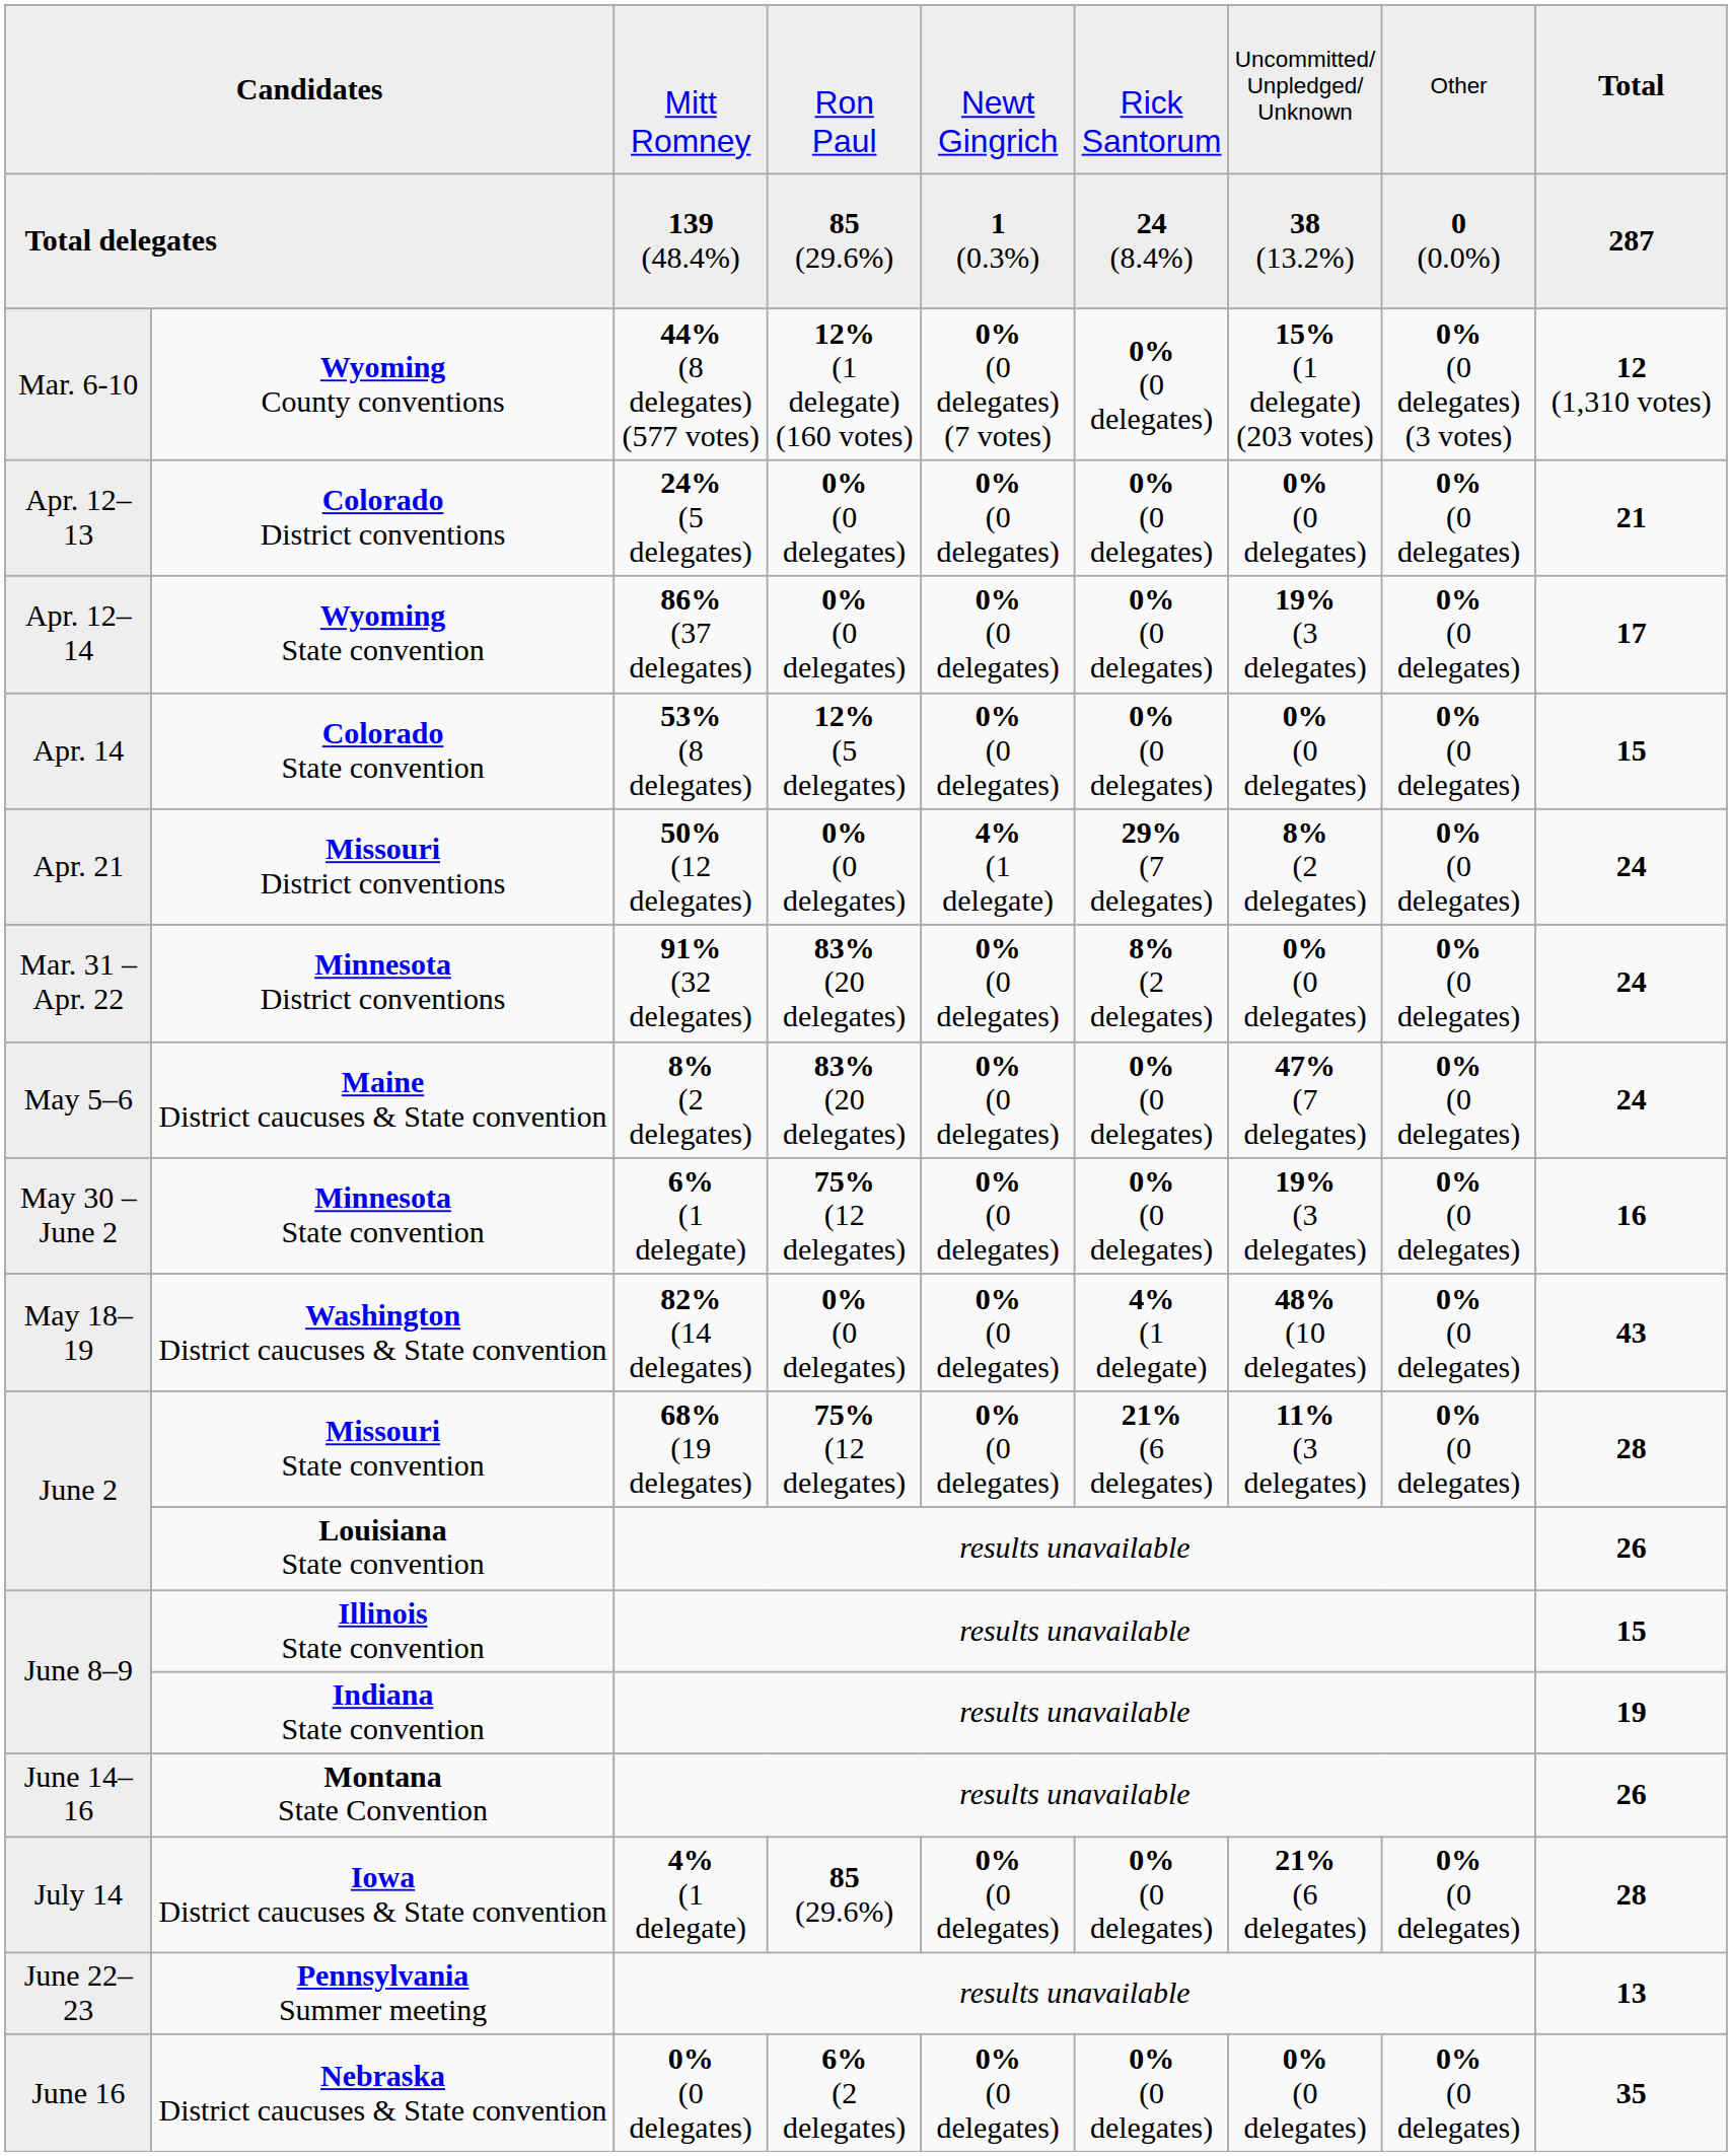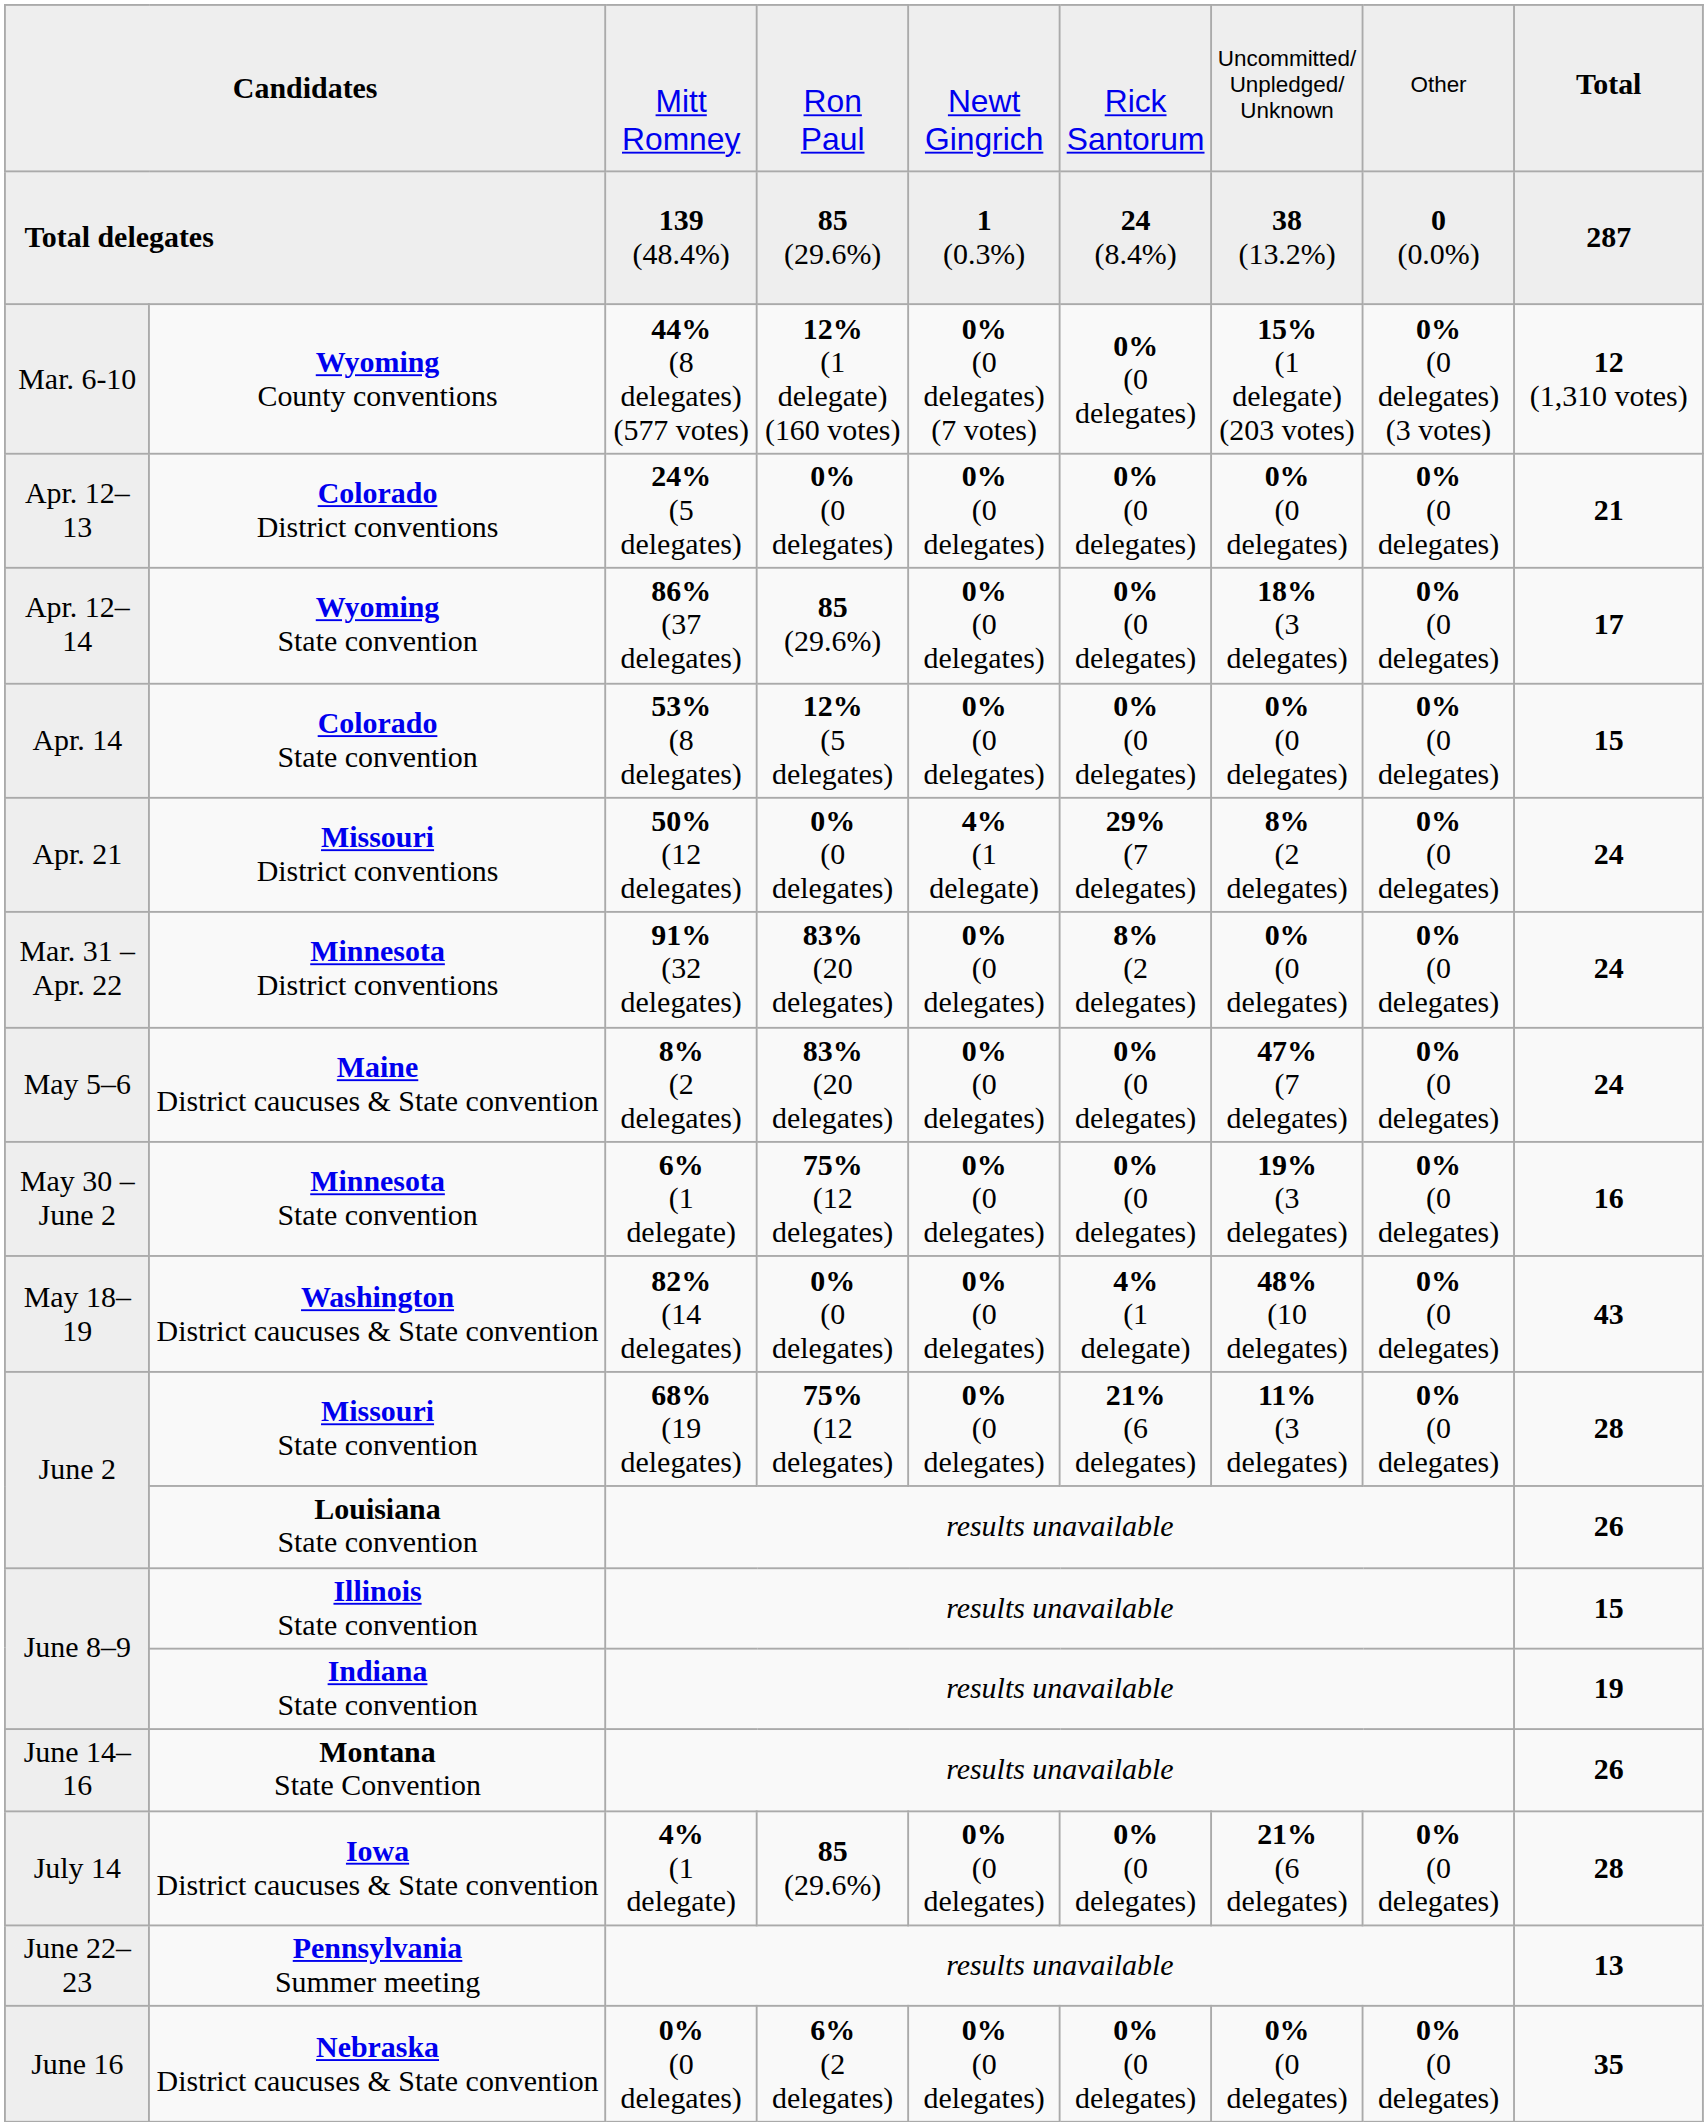 <table class="wikitable" style="text-align:center;">
 <tr style="background:#eee;">
 <td style="width:208px;" colspan="2"><strong>Candidates</strong></td>
 <td style="width:80px; padding:2px 0 6px; font:17px georgia,arial;"><br><br><a href='#'>Mitt<br>Romney</a></td>
 <td style="width:80px; padding:2px 0 6px; font:17px georgia,arial;"><br><br><a href='#'>Ron<br>Paul</a></td>
 <td style="width:80px; padding:2px 0 6px; font:17px georgia,arial;"><br><br><a href='#'>Newt<br>Gingrich</a></td>
 <td style="width:80px; padding:2px 0 6px; font:17px georgia,arial;"><br><br><a href='#'>Rick<br>Santorum</a></td>
 <td style="width:80px; padding:2px 0 6px; font:12px georgia,arial;">Uncommitted/<br>Unpledged/<br>Unknown</td>
 <td style="width:80px; padding:2px 0 6px; font:12px georgia,arial;">Other</td>
 <td style="width:100px; padding:2px 0 6px;"><strong>Total</strong></td>
 </tr>
 <tr style="background:#eee;">
 <td colspan="2"  style="text-align:left; height:64px; padding-left:10px;"><strong>Total delegates</strong></td>
 <td> <strong>139</strong><br>(48.4%)</td>
 <td> <strong>85</strong><br>(29.6%)</td>
 <td> <strong>1</strong><br>(0.3%)</td>
 <td> <strong>24</strong><br>(8.4%)</td>
 <td> <strong>38</strong><br>(13.2%)</td>
 <td> <strong>0</strong><br>(0.0%)</td>
 <td> <strong>287</strong></td>
 </tr>
 <tr>
 <td style="width:70px; background:#eee;">Mar. 6-10 </td>
 <td><strong><a href='#'>Wyoming</a></strong><br>County conventions</td>
 <td><strong>44%</strong><br>(8 delegates)<br>(577 votes)</td>
 <td><strong>12%</strong><br>(1 delegate)<br>(160 votes)</td>
 <td> <strong>0%</strong><br>(0 delegates)<br>(7 votes)</td>
 <td><strong>0%</strong><br>(0 delegates)</td>
 <td><strong>15%</strong><br>(1 delegate)<br>(203 votes)</td>
 <td><strong>0%</strong><br>(0 delegates)<br>(3 votes)</td>
 <td><strong>12</strong><br>(1,310 votes)</td>
 </tr>
 <tr>
 <td style="background:#eee;">Apr. 12–13</td>
 <td><strong><a href='#'>Colorado</a></strong><br>District conventions</td>
 <td><strong>24%</strong><br>(5 delegates)</td>
 <td> <strong>0%</strong><br>(0 delegates)</td>
 <td> <strong>0%</strong><br>(0 delegates)</td>
 <td><strong>0%</strong><br>(0 delegates)</td>
 <td><strong>0%</strong><br>(0 delegates)</td>
 <td><strong>0%</strong><br>(0 delegates)</td>
 <td><strong>21</strong><br></td>
 </tr>
 <tr>
 <td style="background:#eee;">Apr. 12–14</td>
 <td><strong><a href='#'>Wyoming</a></strong><br>State convention</td>
 <td><strong>86%</strong><br>(37 delegates)</td>
-<td> <strong>0%</strong><br>(0 delegates)</td>
+<td> <strong>85</strong><br>(29.6%)</td>
 <td> <strong>0%</strong><br>(0 delegates)</td>
 <td><strong>0%</strong><br>(0 delegates)</td>
-<td><strong>19%</strong><br>(3 delegates)</td>
+<td><strong>18%</strong><br>(3 delegates)</td>
 <td><strong>0%</strong><br>(0 delegates)</td>
 <td><strong>17</strong><br></td>
 </tr>
 <tr>
 <td style="background:#eee;">Apr. 14</td>
 <td><strong><a href='#'>Colorado</a></strong><br>State convention</td>
 <td><strong>53%</strong><br>(8 delegates)</td>
 <td><strong>12%</strong><br>(5 delegates)</td>
 <td> <strong>0%</strong><br>(0 delegates)</td>
 <td><strong>0%</strong><br>(0 delegates)</td>
 <td><strong>0%</strong><br>(0 delegates)</td>
 <td><strong>0%</strong><br>(0 delegates)</td>
 <td><strong>15</strong><br></td>
 </tr>
 <tr>
 <td style="background:#eee;">Apr. 21</td>
 <td><strong><a href='#'>Missouri</a></strong><br>District conventions</td>
 <td><strong>50%</strong><br>(12 delegates)</td>
 <td> <strong>0%</strong><br>(0 delegates)</td>
 <td> <strong>4%</strong><br>(1 delegate)</td>
 <td><strong>29%</strong><br>(7 delegates)</td>
 <td><strong>8%</strong><br>(2 delegates)</td>
 <td><strong>0%</strong><br>(0 delegates)</td>
 <td><strong>24</strong><br></td>
 </tr>
 <tr>
 <td style="background:#eee;">Mar. 31 –<br>Apr. 22</td>
 <td><strong><a href='#'>Minnesota</a></strong><br>District conventions</td>
 <td><strong>91%</strong><br>(32 delegates)</td>
 <td><strong>83%</strong><br>(20 delegates)</td>
 <td> <strong>0%</strong><br>(0 delegates)</td>
 <td><strong>8%</strong><br>(2 delegates)</td>
 <td><strong>0%</strong><br>(0 delegates)</td>
 <td><strong>0%</strong><br>(0 delegates)</td>
 <td><strong>24</strong><br></td>
 </tr>
 <tr>
 <td style="background:#eee;">May 5–6</td>
 <td><strong><a href='#'>Maine</a></strong><br>District caucuses & State convention</td>
 <td><strong>8%</strong><br>(2 delegates)</td>
 <td><strong>83%</strong><br>(20 delegates)</td>
 <td><strong>0%</strong><br>(0 delegates)</td>
 <td><strong>0%</strong><br>(0 delegates)</td>
 <td><strong>47%</strong><br>(7 delegates)</td>
 <td><strong>0%</strong><br>(0 delegates)</td>
 <td><strong>24</strong><br></td>
 </tr>
 <tr>
 <td style="background:#eee;">May 30 –<br> June 2</td>
 <td><strong><a href='#'>Minnesota</a></strong><br>State convention</td>
 <td><strong>6%</strong><br>(1 delegate)</td>
 <td><strong>75%</strong><br>(12 delegates)</td>
 <td><strong>0%</strong><br>(0 delegates)</td>
 <td><strong>0%</strong><br>(0 delegates)</td>
 <td><strong>19%</strong><br>(3 delegates)</td>
 <td><strong>0%</strong><br>(0 delegates)</td>
 <td><strong>16</strong><br></td>
 </tr>
 <tr>
 <td style="background:#eee;">May 18–19</td>
 <td><strong><a href='#'>Washington</a></strong><br>District caucuses & State convention</td>
 <td><strong>82%</strong><br>(14 delegates)</td>
 <td> <strong>0%</strong><br>(0 delegates)</td>
 <td><strong>0%</strong><br>(0 delegates)</td>
 <td><strong>4%</strong><br>(1 delegate)</td>
 <td><strong>48%</strong><br>(10 delegates)</td>
 <td><strong>0%</strong><br>(0 delegates)</td>
 <td><strong>43</strong><br></td>
 </tr>
 <tr>
 <td rowspan="2" style="background:#eee;">June 2</td>
 <td><strong><a href='#'>Missouri</a></strong><br>State convention</td>
 <td><strong>68%</strong><br>(19 delegates)</td>
 <td><strong>75%</strong><br>(12 delegates)</td>
 <td><strong>0%</strong><br>(0 delegates)</td>
 <td><strong>21%</strong><br>(6 delegates)</td>
 <td><strong>11%</strong><br>(3 delegates)</td>
 <td><strong>0%</strong><br>(0 delegates)</td>
 <td><strong>28</strong><br></td>
 </tr>
 <tr>
 <td><strong>Louisiana</strong><br>State convention</td>
 <td colspan="6"><em>results unavailable</em></td>
 <td><strong>26</strong><br></td>
 </tr>
 <tr>
 <td rowspan="2" style="background:#eee;">June 8–9</td>
 <td><strong><a href='#'>Illinois</a></strong><br>State convention</td>
 <td colspan="6"><em>results unavailable</em></td>
 <td><strong>15</strong><br></td>
 </tr>
 <tr>
 <td><strong><a href='#'>Indiana</a></strong><br>State convention</td>
 <td colspan="6"><em>results unavailable</em></td>
 <td><strong>19</strong><br></td>
 </tr>
 <tr>
 <td style="background:#eee;">June 14–16</td>
 <td><strong>Montana</strong><br>State Convention</td>
 <td colspan="6"><em>results unavailable</em></td>
 <td><strong>26</strong><br></td>
 </tr>
 <tr>
 <td style="background:#eee;">July 14</td>
 <td><strong><a href='#'>Iowa</a></strong><br>District caucuses & State convention</td>
 <td><strong>4%</strong><br>(1 delegate)</td>
 <td> <strong>85</strong><br>(29.6%)</td>
 <td><strong>0%</strong><br>(0 delegates)</td>
 <td><strong>0%</strong><br>(0 delegates)</td>
 <td><strong>21%</strong><br>(6 delegates)</td>
 <td><strong>0%</strong><br>(0 delegates)</td>
 <td><strong>28</strong><br></td>
 </tr>
 <tr>
 <td style="background:#eee;">June 22–23</td>
 <td><strong><a href='#'>Pennsylvania</a></strong><br>Summer meeting</td>
 <td colspan="6"><em>results unavailable</em></td>
 <td><strong>13</strong><br></td>
 </tr>
 <tr>
 <td style="background:#eee;">June 16</td>
 <td><strong><a href='#'>Nebraska</a></strong><br>District caucuses & State convention</td>
 <td> <strong>0%</strong><br>(0 delegates)</td>
 <td><strong>6%</strong><br>(2 delegates)</td>
 <td><strong>0%</strong><br>(0 delegates)</td>
 <td><strong>0%</strong><br>(0 delegates)</td>
 <td><strong>0%</strong><br>(0 delegates)</td>
 <td><strong>0%</strong><br>(0 delegates)</td>
 <td><strong>35</strong><br></td>
 </tr>
 </table>
